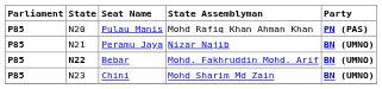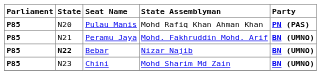 <table class="toccolours sortable" border="1" cellpadding="3" style="border-collapse:collapse; text-align: left;">
 <tr>
 <th align="center">Parliament</th>
 <th>State</th>
 <th>Seat Name</th>
 <th>State Assemblyman</th>
 <th>Party</th>
 </tr>
 <tr>
 <th align="left">P85</th>
 <td>N20</td>
 <td><a href='#'>Pulau Manis</a></td>
 <td>Mohd Rafiq Khan Ahman Khan</td>
 <td><strong><a href='#'>PN</a> (PAS)</strong></td>
 </tr>
 <tr>
 <th align="left">P85</th>
 <td>N21</td>
 <td><a href='#'>Peramu Jaya</a></td>
-<td><a href='#'>Nizar Najib</a></td>
+<td><a href='#'>Mohd. Fakhruddin Mohd. Arif</a></td>
 <td><strong><a href='#'>BN</a> (UMNO)</strong></td>
 </tr>
 <tr>
 <th align="left">P85</th>
 <td><strong>N22</strong></td>
 <td><a href='#'>Bebar</a></td>
-<td><a href='#'>Mohd. Fakhruddin Mohd. Arif</a></td>
+<td><a href='#'>Nizar Najib</a></td>
 <td><strong><a href='#'>BN</a> (UMNO)</strong></td>
 </tr>
 <tr>
 <th align="left">P85</th>
 <td>N23</td>
 <td><a href='#'>Chini</a></td>
 <td><a href='#'>Mohd Sharim Md Zain</a></td>
 <td><strong><a href='#'>BN</a> (UMNO)</strong></td>
 </tr>
 <tr>
 </tr>
 </table>
